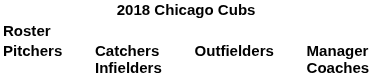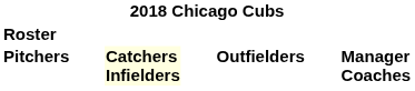 <table class="toccolours" style="font-size: 95%;">
 <tr>
 <th colspan="10">2018 Chicago Cubs</th>
 </tr>
 <tr>
 <td colspan="10"><strong>Roster</strong></td>
 </tr>
 <tr>
 <td valign="top"><strong>Pitchers</strong><br>                             </td>
 <td width="25px"></td>
-<td valign="top"><strong>Catchers</strong><br>    <strong>Infielders</strong>         </td>
+<td valign="top" style="background: lightyellow;"><strong>Catchers</strong><br>    <strong>Infielders</strong>         </td>
 <td width="25px"></td>
 <td valign="top"><strong>Outfielders</strong><br>      </td>
 <td width="25px"></td>
 <td valign="top"><strong>Manager</strong><br> <strong>Coaches</strong>                  </td>
 </tr>
 </table>
